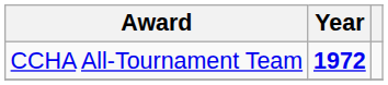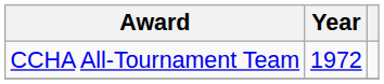 <table class="wikitable">
 <tr>
 <th>Award</th>
 <th>Year</th>
 <th></th>
 </tr>
 <tr>
 <td><a href='#'>CCHA</a> <a href='#'>All-Tournament Team</a></td>
-<td><strong><a href='#'>1972</a></strong></td>
+<td><a href='#'>1972</a></td>
 <td></td>
 </tr>
 <tr>
 </tr>
 </table>
